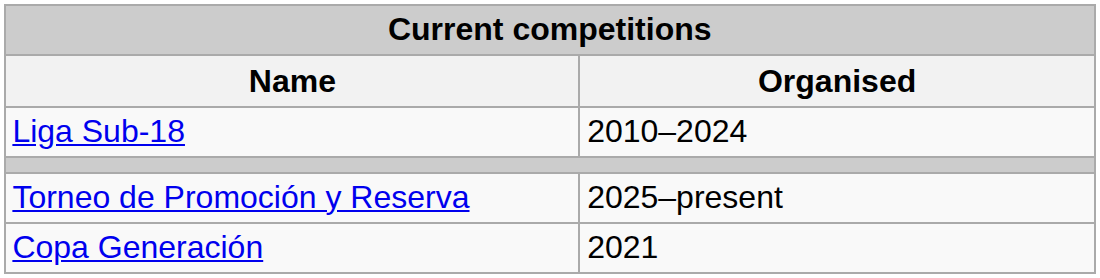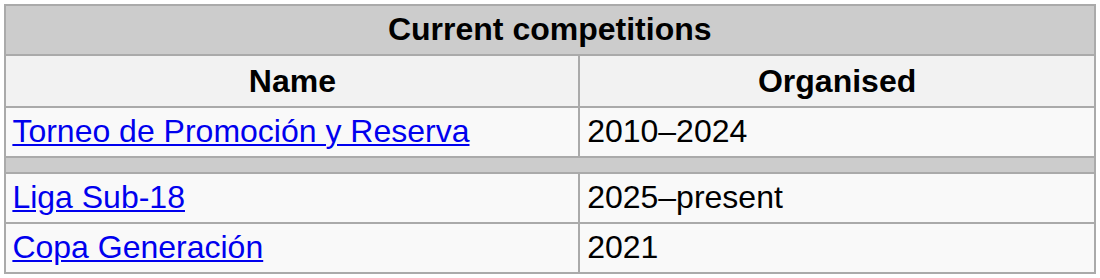 <table class="wikitable sortable">
 <tr>
 <td colspan="2" style= "background: #cccccc; text-align:center;"><strong>Current competitions</strong></td>
 </tr>
 <tr>
 <th width=280px>Name</th>
 <th width=250px>Organised</th>
 </tr>
 <tr>
-<td><a href='#'>Liga Sub-18</a></td>
+<td><a href='#'>Torneo de Promoción y Reserva</a></td>
 <td>2010–2024</td>
 </tr>
 <tr>
 <td colspan="2" style= "background: #cccccc"></td>
 </tr>
 <tr>
-<td><a href='#'>Torneo de Promoción y Reserva</a></td>
+<td><a href='#'>Liga Sub-18</a></td>
 <td>2025–present</td>
 </tr>
 <tr>
 <td><a href='#'>Copa Generación</a></td>
 <td>2021</td>
 </tr>
 <tr>
 </tr>
 </table>
